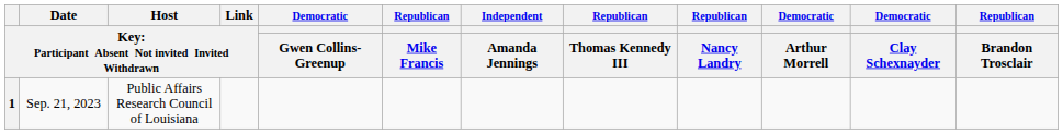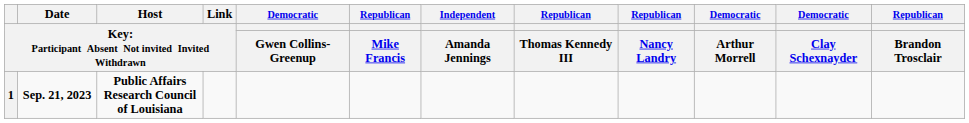 <table class="wikitable" style="text-align:center;">
 <tr>
 <th scope="col"></th>
 <th scope="col">Date</th>
 <th scope="col">Host</th>
 <th scope="col">Link</th>
 <th scope="col"><small><a href='#'>Democratic</a></small></th>
 <th scope="col"><small><a href='#'>Republican</a></small></th>
 <th scope="col"><small><a href='#'>Independent</a></small></th>
 <th scope="col"><small><a href='#'>Republican</a></small></th>
 <th scope="col"><small><a href='#'>Republican</a></small></th>
 <th scope="col"><small><a href='#'>Democratic</a></small></th>
 <th scope="col"><small><a href='#'>Democratic</a></small></th>
 <th scope="col"><small><a href='#'>Republican</a></small></th>
 </tr>
 <tr>
 <th colspan="4" rowspan="2">Key:<br> <small>Participant </small>  <small>Absent </small>  <small>Not invited </small>  <small>Invited  Withdrawn</small></th>
 <th scope="col" style="background:"></th>
 <th scope="col" style="background:"></th>
 <th scope="col" style="background:"></th>
 <th scope="col" style="background:"></th>
 <th scope="col" style="background:"></th>
 <th scope="col" style="background:"></th>
 <th scope="col" style="background:"></th>
 <th scope="col" style="background:"></th>
 </tr>
 <tr>
 <th scope="col">Gwen Collins-Greenup</th>
 <th scope="col"><a href='#'>Mike Francis</a></th>
 <th scope="col">Amanda Jennings</th>
 <th scope="col">Thomas Kennedy III</th>
 <th scope="col"><a href='#'>Nancy Landry</a></th>
 <th scope="col">Arthur Morrell</th>
 <th scope="col"><a href='#'>Clay Schexnayder</a></th>
 <th scope="col">Brandon Trosclair</th>
 </tr>
 <tr>
 <th>1</th>
-<td style="white-space:nowrap;">Sep. 21, 2023</td>
-<td style="white-space:nowrap;">Public Affairs<br>Research Council<br>of Louisiana</td>
+<td style="white-space:nowrap;"><strong>Sep. 21, 2023</strong></td>
+<td style="white-space:nowrap;"><strong>Public Affairs<br>Research Council<br>of Louisiana</strong></td>
 <td style="white-space:nowrap;"></td>
 <td></td>
 <td></td>
 <td></td>
 <td></td>
 <td></td>
 <td></td>
 <td></td>
 <td></td>
 </tr>
 </table>
